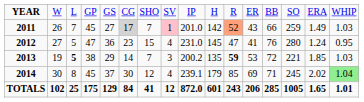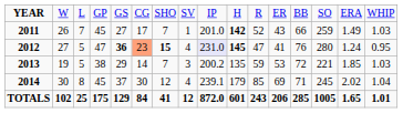 <table class="wikitable">
 <tr align=center>
 <td><strong>YEAR</strong></td>
 <td><a href='#'>W</a></td>
 <td><a href='#'>L</a></td>
 <td><a href='#'>GP</a></td>
 <td><a href='#'>GS</a></td>
 <td><a href='#'>CG</a></td>
 <td><a href='#'>SHO</a></td>
 <td><a href='#'>SV</a></td>
 <td><a href='#'>IP</a></td>
 <td><a href='#'>H</a></td>
 <td><a href='#'>R</a></td>
 <td><a href='#'>ER</a></td>
 <td><a href='#'>BB</a></td>
 <td><a href='#'>SO</a></td>
 <td><a href='#'>ERA</a></td>
 <td><a href='#'>WHIP</a></td>
 </tr>
 <tr align=center>
 <td><strong>2011</strong></td>
 <td>26</td>
 <td>7</td>
 <td>45</td>
 <td>27</td>
-<td style="background: lightgrey;">17</td>
+<td>17</td>
 <td>7</td>
-<td style="background: pink;">1</td>
+<td>1</td>
 <td>201.0</td>
-<td>142</td>
-<td style="background: lightsalmon;">52</td>
+<td><strong>142</strong></td>
+<td>52</td>
 <td>43</td>
 <td>66</td>
 <td>259</td>
 <td>1.49</td>
 <td>1.03</td>
 </tr>
 <tr align=center>
 <td><strong>2012</strong></td>
 <td>27</td>
 <td>5</td>
 <td>47</td>
-<td>36</td>
-<td>23</td>
-<td>15</td>
+<td><strong>36</strong></td>
+<td style="background: lightsalmon;">23</td>
+<td><strong>15</strong></td>
 <td>4</td>
-<td>231.0</td>
-<td>145</td>
+<td style="background: lavender;">231.0</td>
+<td><strong>145</strong></td>
 <td>47</td>
 <td>41</td>
 <td>76</td>
 <td>280</td>
 <td>1.24</td>
 <td>0.95</td>
 </tr>
 <tr align=center>
 <td><strong>2013</strong></td>
 <td>19</td>
-<td><strong>5</strong></td>
+<td>5</td>
 <td>38</td>
 <td>29</td>
 <td>14</td>
 <td>7</td>
 <td>3</td>
 <td>200.2</td>
 <td>135</td>
-<td><strong>59</strong></td>
+<td>59</td>
 <td>53</td>
 <td>72</td>
 <td>221</td>
 <td>1.85</td>
 <td>1.03</td>
 </tr>
 <tr align=center>
 <td><strong>2014</strong></td>
 <td>30</td>
 <td>8</td>
 <td>45</td>
 <td>37</td>
 <td>30</td>
 <td>12</td>
 <td>4</td>
 <td>239.1</td>
 <td>179</td>
 <td>85</td>
 <td>69</td>
 <td>71</td>
 <td>245</td>
 <td>2.02</td>
-<td style="background: lightgreen;">1.04</td>
+<td>1.04</td>
 </tr>
 <tr align=center>
 <td><strong>TOTALS</strong></td>
 <td><strong>102</strong></td>
 <td><strong>25</strong></td>
 <td><strong>175</strong></td>
 <td><strong>129</strong></td>
 <td><strong>84</strong></td>
 <td><strong>41</strong></td>
 <td><strong>12</strong></td>
 <td><strong>872.0</strong></td>
 <td><strong>601</strong></td>
 <td><strong>243</strong></td>
 <td><strong>206</strong></td>
 <td><strong>285</strong></td>
 <td><strong>1005</strong></td>
 <td><strong>1.65</strong></td>
 <td><strong>1.01</strong></td>
 </tr>
 </table>
